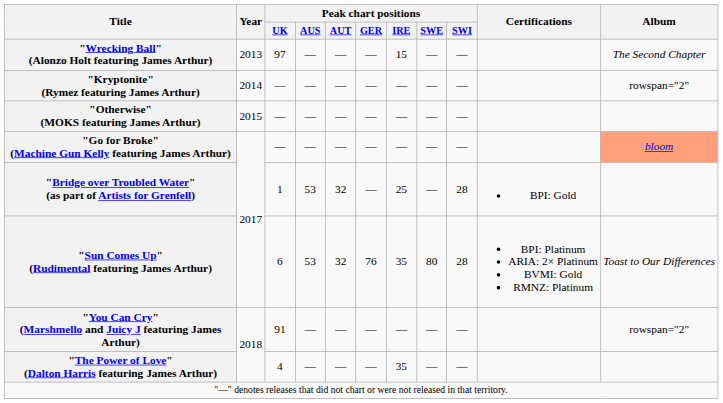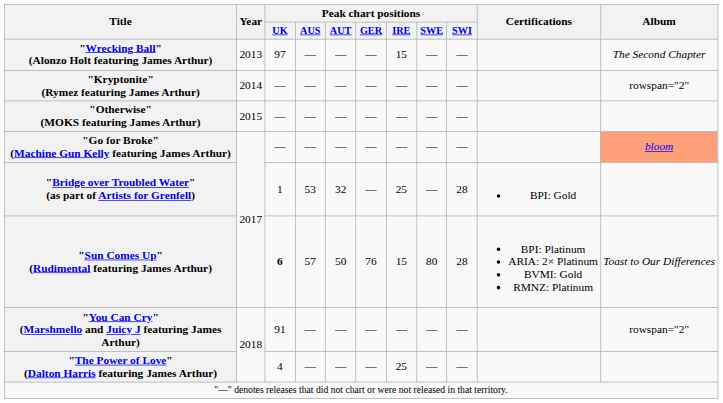 <table class="wikitable plainrowheaders" style="text-align:center;" border="1">
 <tr>
 <th scope="col" rowspan="2" style="width:20em;">Title</th>
 <th scope="col" rowspan="2" style="width:1em;">Year</th>
 <th scope="col" colspan="7">Peak chart positions</th>
 <th scope="col" rowspan="2">Certifications</th>
 <th scope="col" rowspan="2">Album</th>
 </tr>
 <tr>
 <th scope="col" style="width:2.5em;font-size:90%;"><a href='#'>UK</a><br></th>
 <th scope="col" style="width:2.5em;font-size:90%;"><a href='#'>AUS</a><br></th>
 <th scope="col" style="width:2.5em;font-size:90%;"><a href='#'>AUT</a><br></th>
 <th scope="col" style="width:2.5em;font-size:90%;"><a href='#'>GER</a><br></th>
 <th scope="col" style="width:2.5em;font-size:90%;"><a href='#'>IRE</a><br></th>
 <th scope="col" style="width:2.5em;font-size:90%;"><a href='#'>SWE</a><br></th>
 <th scope="col" style="width:2.5em;font-size:90%;"><a href='#'>SWI</a><br></th>
 </tr>
 <tr>
 <th scope="row">"<a href='#'>Wrecking Ball</a>"<br><span>(Alonzo Holt featuring James Arthur)</span></th>
 <td>2013</td>
 <td>97</td>
 <td>—</td>
 <td>—</td>
 <td>—</td>
 <td>15</td>
 <td>—</td>
 <td>—</td>
 <td></td>
 <td><em>The Second Chapter</em></td>
 </tr>
 <tr>
 <th scope="row">"Kryptonite"<br><span>(Rymez featuring James Arthur)</span></th>
 <td>2014</td>
 <td>—</td>
 <td>—</td>
 <td>—</td>
 <td>—</td>
 <td>—</td>
 <td>—</td>
 <td>—</td>
 <td></td>
 <td>rowspan="2" </td>
 </tr>
 <tr>
 <th scope="row">"Otherwise"<br><span>(MOKS featuring James Arthur)</span></th>
 <td>2015</td>
 <td>—</td>
 <td>—</td>
 <td>—</td>
 <td>—</td>
 <td>—</td>
 <td>—</td>
 <td>—</td>
 <td></td>
 </tr>
 <tr>
 <th scope="row">"Go for Broke"<br><span>(<a href='#'>Machine Gun Kelly</a> featuring James Arthur)</span></th>
 <td rowspan="3">2017</td>
 <td>—</td>
 <td>—</td>
 <td>—</td>
 <td>—</td>
 <td>—</td>
 <td>—</td>
 <td>—</td>
 <td></td>
 <td style="background: lightsalmon;"><em><a href='#'>bloom</a></em></td>
 </tr>
 <tr>
 <th scope="row">"<a href='#'>Bridge over Troubled Water</a>"<br><span>(as part of <a href='#'>Artists for Grenfell</a>)</span></th>
 <td>1</td>
 <td>53</td>
 <td>32</td>
 <td>—</td>
 <td>25</td>
 <td>—</td>
 <td>28</td>
 <td><br><ul><li>BPI: Gold</li></ul></td>
 <td></td>
 </tr>
 <tr>
 <th scope="row">"<a href='#'>Sun Comes Up</a>"<br><span>(<a href='#'>Rudimental</a> featuring James Arthur)</span></th>
-<td>6</td>
-<td>53</td>
-<td>32</td>
+<td><strong>6</strong></td>
+<td>57</td>
+<td>50</td>
 <td>76</td>
-<td>35</td>
+<td>15</td>
 <td>80</td>
 <td>28</td>
 <td><br><ul><li>BPI: Platinum</li><li>ARIA: 2× Platinum</li><li>BVMI: Gold</li><li>RMNZ: Platinum</li></ul></td>
 <td><em>Toast to Our Differences</em></td>
 </tr>
 <tr>
 <th scope="row">"<a href='#'>You Can Cry</a>"<br><span>(<a href='#'>Marshmello</a> and <a href='#'>Juicy J</a> featuring James Arthur)</span></th>
 <td rowspan="2">2018</td>
 <td>91</td>
 <td>—</td>
 <td>—</td>
 <td>—</td>
 <td>—</td>
 <td>—</td>
 <td>—</td>
 <td></td>
 <td>rowspan="2" </td>
 </tr>
 <tr>
 <th scope="row">"<a href='#'>The Power of Love</a>"<br><span>(<a href='#'>Dalton Harris</a> featuring James Arthur)</span></th>
 <td>4</td>
 <td>—</td>
 <td>—</td>
 <td>—</td>
-<td>35</td>
+<td>25</td>
 <td>—</td>
 <td>—</td>
 <td></td>
 </tr>
 <tr>
 <td colspan="16" style="font-size:85%">"—" denotes releases that did not chart or were not released in that territory.</td>
 </tr>
 </table>
